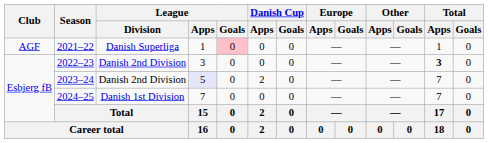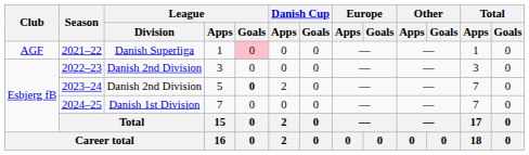 <table class="wikitable" style="text-align: center">
 <tr>
 <th rowspan="2">Club</th>
 <th rowspan="2">Season</th>
 <th colspan="3">League</th>
 <th colspan="2"><a href='#'>Danish Cup</a></th>
 <th colspan="2">Europe</th>
 <th colspan="2">Other</th>
 <th colspan="2">Total</th>
 </tr>
 <tr>
 <th>Division</th>
 <th>Apps</th>
 <th>Goals</th>
 <th>Apps</th>
 <th>Goals</th>
 <th>Apps</th>
 <th>Goals</th>
 <th>Apps</th>
 <th>Goals</th>
 <th>Apps</th>
 <th>Goals</th>
 </tr>
 <tr>
 <td><a href='#'>AGF</a></td>
 <td><a href='#'>2021–22</a></td>
 <td><a href='#'>Danish Superliga</a></td>
 <td>1</td>
 <td style="background: pink;">0</td>
 <td>0</td>
 <td>0</td>
 <td colspan="2">—</td>
 <td colspan="2">—</td>
 <td>1</td>
 <td>0</td>
 </tr>
 <tr>
 <td rowspan="4"><a href='#'>Esbjerg fB</a></td>
 <td><a href='#'>2022–23</a></td>
 <td><a href='#'>Danish 2nd Division</a></td>
 <td>3</td>
 <td>0</td>
 <td>0</td>
 <td>0</td>
 <td colspan="2">—</td>
 <td colspan="2">—</td>
-<td><strong>3</strong></td>
+<td>3</td>
 <td>0</td>
 </tr>
 <tr>
 <td><a href='#'>2023–24</a></td>
 <td>Danish 2nd Division</td>
-<td style="background: lavender;">5</td>
-<td>0</td>
+<td>5</td>
+<td><strong>0</strong></td>
 <td>2</td>
 <td>0</td>
 <td colspan="2">—</td>
 <td colspan="2">—</td>
 <td>7</td>
 <td>0</td>
 </tr>
 <tr>
 <td><a href='#'>2024–25</a></td>
 <td><a href='#'>Danish 1st Division</a></td>
 <td>7</td>
 <td>0</td>
 <td>0</td>
 <td>0</td>
 <td colspan="2">—</td>
 <td colspan="2">—</td>
 <td>7</td>
 <td>0</td>
 </tr>
 <tr>
 <th colspan="2">Total</th>
 <th>15</th>
 <th>0</th>
 <th>2</th>
 <th>0</th>
 <th colspan="2">—</th>
 <th colspan="2">—</th>
 <th>17</th>
 <th>0</th>
 </tr>
 <tr>
 <th colspan="3">Career total</th>
 <th>16</th>
 <th>0</th>
 <th>2</th>
 <th>0</th>
 <th>0</th>
 <th>0</th>
 <th>0</th>
 <th>0</th>
 <th>18</th>
 <th>0</th>
 </tr>
 </table>
